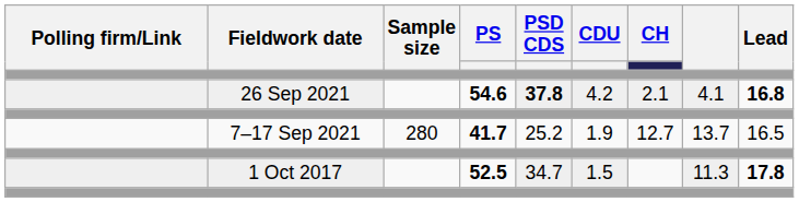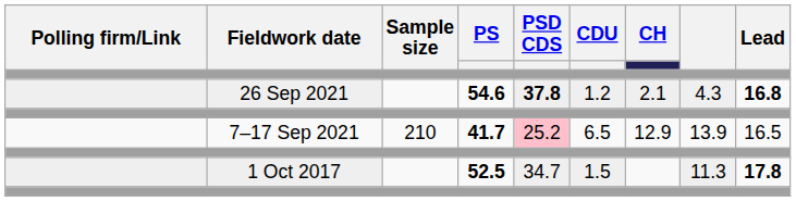 <table class="wikitable sortable mw-datatable" style="text-align:center;font-size:90%;line-height:16px;">
 <tr style="height:42px;">
 <th style="width:145px;" rowspan="2">Polling firm/Link</th>
 <th style="width:125px;" rowspan="2">Fieldwork date</th>
 <th class="unsortable" style="width:50px;" rowspan="2">Sample size</th>
 <th class="unsortable" style="width:35px;"><a href='#'>PS</a></th>
 <th class="unsortable" style="width:35px;"><a href='#'>PSD</a><br><a href='#'>CDS</a></th>
 <th class="unsortable" style="width:35px;"><a href='#'>CDU</a></th>
 <th class="unsortable" style="width:35px;"><a href='#'>CH</a></th>
 <th class="unsortable" style="width:35px;" rowspan="2"></th>
 <th class="unsortable" style="width:30px;" rowspan="2">Lead</th>
 </tr>
 <tr>
 <th class="unsortable" style="color:inherit;background:"></th>
 <th class="unsortable" style="color:inherit;background:"></th>
 <th class="unsortable" style="color:inherit;background:"></th>
 <th class="sortable" style="background:#202056;"></th>
 </tr>
 <tr>
 <td colspan="17" style="background:#A0A0A0"></td>
 </tr>
 <tr>
 <td style="background:#EFEFEF;"><strong></strong></td>
 <td style="background:#EFEFEF;" data-sort-value="2019-10-06">26 Sep 2021</td>
 <td></td>
 <td><strong>54.6</strong><br></td>
 <td style="background:#EFEFEF;"><strong>37.8<br></strong></td>
-<td style="background:#EFEFEF;">4.2<br></td>
+<td style="background:#EFEFEF;">1.2<br></td>
 <td style="background:#EFEFEF;">2.1<br></td>
-<td style="background:#EFEFEF;">4.1</td>
+<td style="background:#EFEFEF;">4.3</td>
 <td style="background:"><strong>16.8</strong></td>
 </tr>
 <tr>
 <td colspan="17" style="background:#A0A0A0"></td>
 </tr>
 <tr>
 <td align="center"></td>
 <td align="center">7–17 Sep 2021</td>
-<td>280</td>
+<td>210</td>
 <td align="center" ><strong>41.7</strong></td>
-<td align="center">25.2</td>
-<td align="center">1.9</td>
-<td align="center">12.7</td>
-<td align="center">13.7</td>
+<td align="center" style="background: pink;">25.2</td>
+<td align="center">6.5</td>
+<td align="center">12.9</td>
+<td align="center">13.9</td>
 <td style="background:">16.5</td>
 </tr>
 <tr>
 <td colspan="17" style="background:#A0A0A0"></td>
 </tr>
 <tr>
 <td style="background:#EFEFEF;"><strong></strong></td>
 <td style="background:#EFEFEF;" data-sort-value="2019-10-06">1 Oct 2017</td>
 <td></td>
 <td><strong>52.5</strong><br></td>
 <td style="background:#EFEFEF;">34.7<br></td>
 <td style="background:#EFEFEF;">1.5<br></td>
 <td></td>
 <td style="background:#EFEFEF;">11.3<br></td>
 <td style="background:"><strong>17.8</strong></td>
 </tr>
 <tr>
 <td colspan="17" style="background:#A0A0A0"></td>
 </tr>
 </table>
